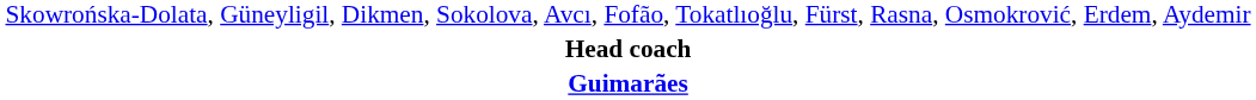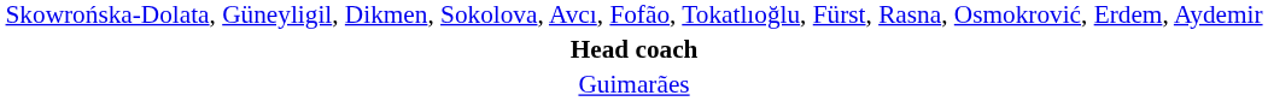 <table style="text-align: center; margin-top: 2em; margin-left: auto; margin-right: auto">
 <tr>
 <td><a href='#'>Skowrońska-Dolata</a>, <a href='#'>Güneyligil</a>, <a href='#'>Dikmen</a>, <a href='#'>Sokolova</a>, <a href='#'>Avcı</a>, <a href='#'>Fofão</a>, <a href='#'>Tokatlıoğlu</a>, <a href='#'>Fürst</a>, <a href='#'>Rasna</a>, <a href='#'>Osmokrović</a>, <a href='#'>Erdem</a>, <a href='#'>Aydemir</a></td>
 </tr>
 <tr>
 <td><strong>Head coach</strong></td>
 </tr>
 <tr>
-<td><strong><a href='#'>Guimarães</a></strong></td>
+<td><a href='#'>Guimarães</a></td>
 </tr>
 </table>
